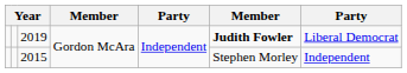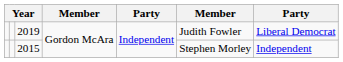 <table class="wikitable">
 <tr>
 <th colspan="3">Year</th>
 <th>Member</th>
 <th>Party</th>
 <th>Member</th>
 <th>Party</th>
 </tr>
 <tr>
 <td style="background-color: "></td>
 <td style="background-color: "></td>
 <td>2019</td>
 <td rowspan="2">Gordon McAra</td>
 <td rowspan="2"><a href='#'>Independent</a></td>
-<td><strong>Judith Fowler</strong></td>
+<td>Judith Fowler</td>
 <td><a href='#'>Liberal Democrat</a></td>
 </tr>
 <tr>
 <td style="background-color: "></td>
 <td style="background-color: "></td>
 <td>2015</td>
 <td>Stephen Morley</td>
 <td><a href='#'>Independent</a></td>
 </tr>
 </table>
